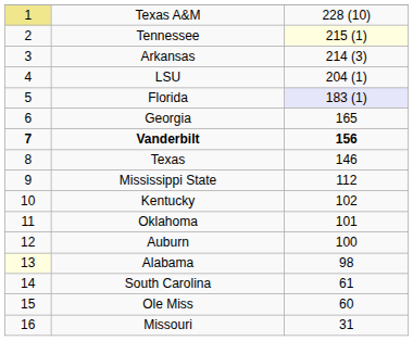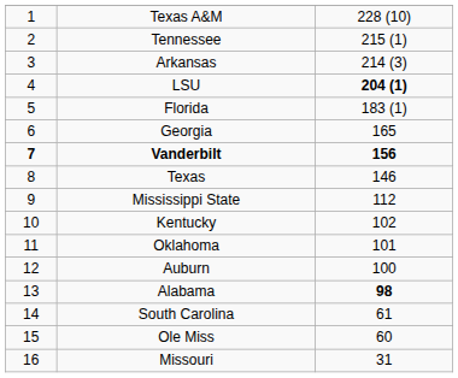 <table class="wikitable" style="width: 25%;text-align: center;">
 <tr align="center">
 </tr>
 <tr align="center">
-<td style="background: khaki;">1</td>
+<td>1</td>
 <td>Texas A&M</td>
 <td>228 (10)</td>
 </tr>
 <tr align="center">
 <td>2</td>
 <td>Tennessee</td>
-<td style="background: lightyellow;">215 (1)</td>
+<td>215 (1)</td>
 </tr>
 <tr align="center">
 <td>3</td>
 <td>Arkansas</td>
 <td>214 (3)</td>
 </tr>
 <tr align="center">
 <td>4</td>
 <td>LSU</td>
-<td>204 (1)</td>
+<td><strong>204 (1)</strong></td>
 </tr>
 <tr align="center">
 <td>5</td>
 <td>Florida</td>
-<td style="background: lavender;">183 (1)</td>
+<td>183 (1)</td>
 </tr>
 <tr align="center">
 <td>6</td>
 <td>Georgia</td>
 <td>165</td>
 </tr>
 <tr align="center">
 <td><strong>7</strong></td>
 <td><strong>Vanderbilt</strong></td>
 <td><strong>156</strong></td>
 </tr>
 <tr align="center">
 <td>8</td>
 <td>Texas</td>
 <td>146</td>
 </tr>
 <tr align="center">
 <td>9</td>
 <td>Mississippi State</td>
 <td>112</td>
 </tr>
 <tr align="center">
 <td>10</td>
 <td>Kentucky</td>
 <td>102</td>
 </tr>
 <tr align="center">
 <td>11</td>
 <td>Oklahoma</td>
 <td>101</td>
 </tr>
 <tr align="center">
 <td>12</td>
 <td>Auburn</td>
 <td>100</td>
 </tr>
 <tr align="center">
-<td style="background: lightyellow;">13</td>
+<td>13</td>
 <td>Alabama</td>
-<td>98</td>
+<td><strong>98</strong></td>
 </tr>
 <tr align="center">
 <td>14</td>
 <td>South Carolina</td>
 <td>61</td>
 </tr>
 <tr align="center">
 <td>15</td>
 <td>Ole Miss</td>
 <td>60</td>
 </tr>
 <tr align="center">
 <td>16</td>
 <td>Missouri</td>
 <td>31</td>
 </tr>
 </table>
